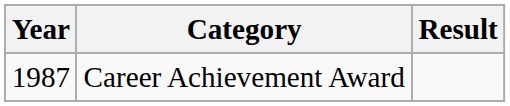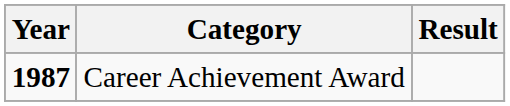 <table class="wikitable" style="font-size: 95%">
 <tr>
 <th>Year</th>
 <th>Category</th>
 <th>Result</th>
 </tr>
 <tr>
-<td>1987</td>
+<td><strong>1987</strong></td>
 <td>Career Achievement Award</td>
 <td></td>
 </tr>
 </table>
